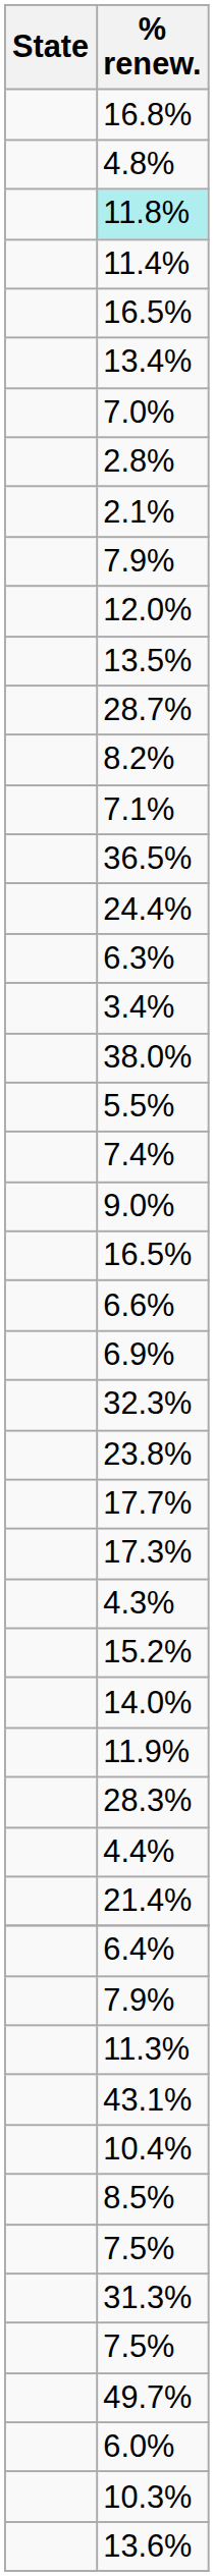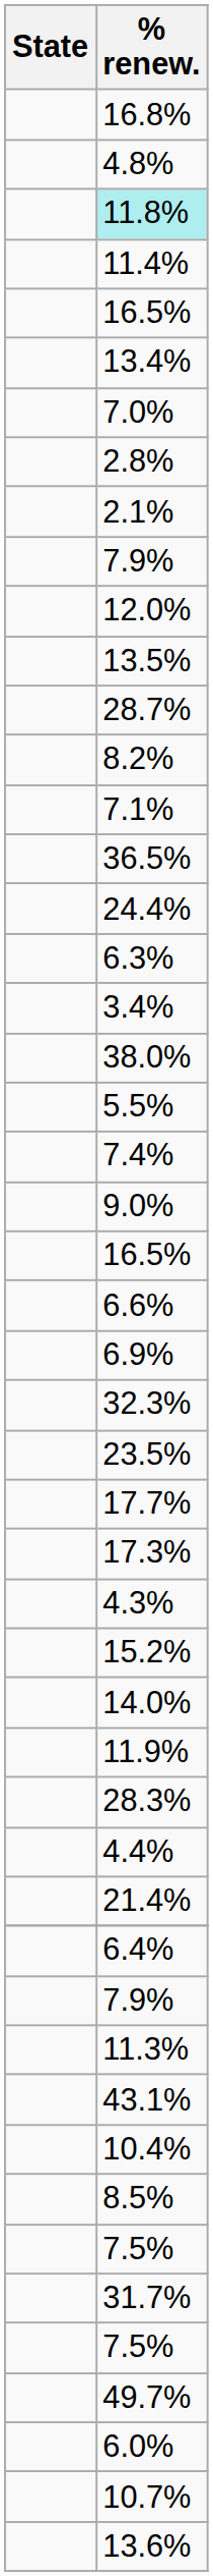 <table class="sortable wikitable sticky-header static-row-numbers col1left" >
 <tr>
 <th>State</th>
 <th>%<br>renew.</th>
 </tr>
 <tr>
 <td></td>
 <td>16.8%</td>
 </tr>
 <tr>
 <td></td>
 <td>4.8%</td>
 </tr>
 <tr>
 <td></td>
 <td style="background: paleturquoise;">11.8%</td>
 </tr>
 <tr>
 <td></td>
 <td>11.4%</td>
 </tr>
 <tr>
 <td></td>
 <td>16.5%</td>
 </tr>
 <tr>
 <td></td>
 <td>13.4%</td>
 </tr>
 <tr>
 <td></td>
 <td>7.0%</td>
 </tr>
 <tr>
 <td></td>
 <td>2.8%</td>
 </tr>
 <tr>
 <td></td>
 <td>2.1%</td>
 </tr>
 <tr>
 <td></td>
 <td>7.9%</td>
 </tr>
 <tr>
 <td></td>
 <td>12.0%</td>
 </tr>
 <tr>
 <td></td>
 <td>13.5%</td>
 </tr>
 <tr>
 <td></td>
 <td>28.7%</td>
 </tr>
 <tr>
 <td></td>
 <td>8.2%</td>
 </tr>
 <tr>
 <td></td>
 <td>7.1%</td>
 </tr>
 <tr>
 <td></td>
 <td>36.5%</td>
 </tr>
 <tr>
 <td></td>
 <td>24.4%</td>
 </tr>
 <tr>
 <td></td>
 <td>6.3%</td>
 </tr>
 <tr>
 <td></td>
 <td>3.4%</td>
 </tr>
 <tr>
 <td></td>
 <td>38.0%</td>
 </tr>
 <tr>
 <td></td>
 <td>5.5%</td>
 </tr>
 <tr>
 <td></td>
 <td>7.4%</td>
 </tr>
 <tr>
 <td></td>
 <td>9.0%</td>
 </tr>
 <tr>
 <td></td>
 <td>16.5%</td>
 </tr>
 <tr>
 <td></td>
 <td>6.6%</td>
 </tr>
 <tr>
 <td></td>
 <td>6.9%</td>
 </tr>
 <tr>
 <td></td>
 <td>32.3%</td>
 </tr>
 <tr>
 <td></td>
-<td>23.8%</td>
+<td>23.5%</td>
 </tr>
 <tr>
 <td></td>
 <td>17.7%</td>
 </tr>
 <tr>
 <td></td>
 <td>17.3%</td>
 </tr>
 <tr>
 <td></td>
 <td>4.3%</td>
 </tr>
 <tr>
 <td></td>
 <td>15.2%</td>
 </tr>
 <tr>
 <td></td>
 <td>14.0%</td>
 </tr>
 <tr>
 <td></td>
 <td>11.9%</td>
 </tr>
 <tr>
 <td></td>
 <td>28.3%</td>
 </tr>
 <tr>
 <td></td>
 <td>4.4%</td>
 </tr>
 <tr>
 <td></td>
 <td>21.4%</td>
 </tr>
 <tr>
 </tr>
 <tr>
 </tr>
 <tr>
 <td></td>
 <td>6.4%</td>
 </tr>
 <tr>
 <td></td>
 <td>7.9%</td>
 </tr>
 <tr>
 <td></td>
 <td>11.3%</td>
 </tr>
 <tr>
 <td></td>
 <td>43.1%</td>
 </tr>
 <tr>
 <td></td>
 <td>10.4%</td>
 </tr>
 <tr>
 <td></td>
 <td>8.5%</td>
 </tr>
 <tr>
 <td></td>
 <td>7.5%</td>
 </tr>
 <tr>
 <td></td>
-<td>31.3%</td>
+<td>31.7%</td>
 </tr>
 <tr>
 <td></td>
 <td>7.5%</td>
 </tr>
 <tr>
 <td></td>
 <td>49.7%</td>
 </tr>
 <tr>
 <td></td>
 <td>6.0%</td>
 </tr>
 <tr>
 <td></td>
-<td>10.3%</td>
+<td>10.7%</td>
 </tr>
 <tr>
 <td></td>
 <td>13.6%</td>
 </tr>
 </table>
